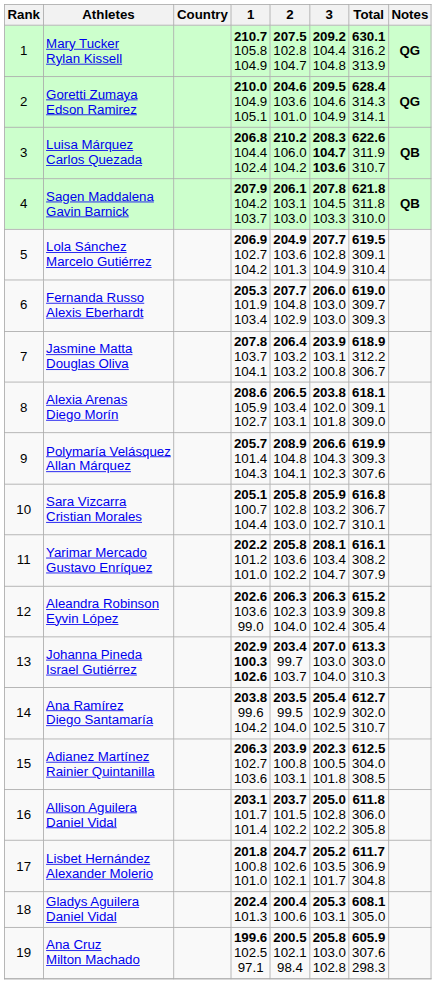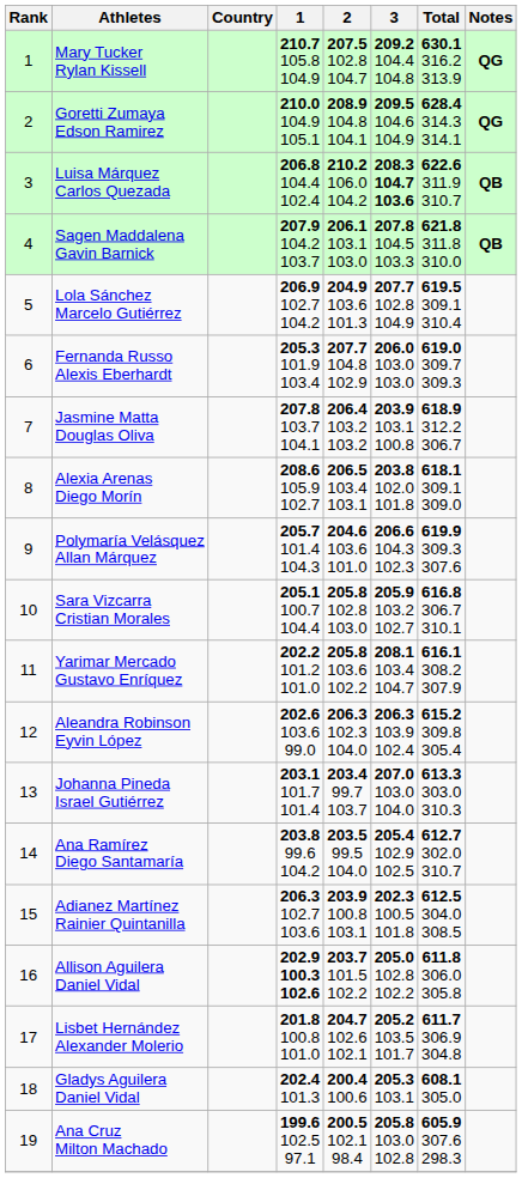 <table class="wikitable sortable" style="text-align:center">
 <tr>
 <th>Rank</th>
 <th>Athletes</th>
 <th>Country</th>
 <th>1</th>
 <th>2</th>
 <th>3</th>
 <th>Total</th>
 <th>Notes</th>
 </tr>
 <tr bgcolor=#ccffcc>
 <td>1</td>
 <td align=left><a href='#'>Mary Tucker</a><br><a href='#'>Rylan Kissell</a></td>
 <td align=left></td>
 <td><strong>210.7</strong><br>105.8<br>104.9</td>
 <td><strong>207.5</strong><br>102.8<br>104.7</td>
 <td><strong>209.2</strong><br>104.4<br>104.8</td>
 <td><strong>630.1</strong><br>316.2<br>313.9</td>
 <td><strong>QG</strong></td>
 </tr>
 <tr bgcolor=#ccffcc>
 <td>2</td>
 <td align=left><a href='#'>Goretti Zumaya</a><br><a href='#'>Edson Ramirez</a></td>
 <td align=left></td>
 <td><strong>210.0</strong><br>104.9<br>105.1</td>
-<td><strong>204.6</strong><br>103.6<br>101.0</td>
+<td><strong>208.9</strong><br>104.8<br>104.1</td>
 <td><strong>209.5</strong><br>104.6<br>104.9</td>
 <td><strong>628.4</strong><br>314.3<br>314.1</td>
 <td><strong>QG</strong></td>
 </tr>
 <tr bgcolor=#ccffcc>
 <td>3</td>
 <td align=left><a href='#'>Luisa Márquez</a><br><a href='#'>Carlos Quezada</a></td>
 <td align=left></td>
 <td><strong>206.8</strong><br>104.4<br>102.4</td>
 <td><strong>210.2</strong><br>106.0<br>104.2</td>
 <td><strong>208.3<br>104.7<br>103.6</strong></td>
 <td><strong>622.6</strong><br>311.9<br>310.7</td>
 <td><strong>QB</strong></td>
 </tr>
 <tr bgcolor=#ccffcc>
 <td>4</td>
 <td align=left><a href='#'>Sagen Maddalena</a><br><a href='#'>Gavin Barnick</a></td>
 <td align=left></td>
 <td><strong>207.9</strong><br>104.2<br>103.7</td>
 <td><strong>206.1</strong><br>103.1<br>103.0</td>
 <td><strong>207.8</strong><br>104.5<br>103.3</td>
 <td><strong>621.8</strong><br>311.8<br>310.0</td>
 <td><strong>QB</strong></td>
 </tr>
 <tr>
 <td>5</td>
 <td align=left><a href='#'>Lola Sánchez</a><br><a href='#'>Marcelo Gutiérrez</a></td>
 <td align=left></td>
 <td><strong>206.9</strong><br>102.7<br>104.2</td>
 <td><strong>204.9</strong><br>103.6<br>101.3</td>
 <td><strong>207.7</strong><br>102.8<br>104.9</td>
 <td><strong>619.5</strong><br>309.1<br>310.4</td>
 <td></td>
 </tr>
 <tr>
 <td>6</td>
 <td align=left><a href='#'>Fernanda Russo</a><br><a href='#'>Alexis Eberhardt</a></td>
 <td align=left></td>
 <td><strong>205.3</strong><br>101.9<br>103.4</td>
 <td><strong>207.7</strong><br>104.8<br>102.9</td>
 <td><strong>206.0</strong><br>103.0<br>103.0</td>
 <td><strong>619.0</strong><br>309.7<br>309.3</td>
 <td></td>
 </tr>
 <tr>
 <td>7</td>
 <td align=left><a href='#'>Jasmine Matta</a><br><a href='#'>Douglas Oliva</a></td>
 <td align=left></td>
 <td><strong>207.8</strong><br>103.7<br>104.1</td>
 <td><strong>206.4</strong><br>103.2<br>103.2</td>
 <td><strong>203.9</strong><br>103.1<br>100.8</td>
 <td><strong>618.9</strong><br>312.2<br>306.7</td>
 <td></td>
 </tr>
 <tr>
 <td>8</td>
 <td align=left><a href='#'>Alexia Arenas</a><br><a href='#'>Diego Morín</a></td>
 <td align=left></td>
 <td><strong>208.6</strong><br>105.9<br>102.7</td>
 <td><strong>206.5</strong><br>103.4<br>103.1</td>
 <td><strong>203.8</strong><br>102.0<br>101.8</td>
 <td><strong>618.1</strong><br>309.1<br>309.0</td>
 <td></td>
 </tr>
 <tr>
 <td>9</td>
 <td align=left><a href='#'>Polymaría Velásquez</a><br><a href='#'>Allan Márquez</a></td>
 <td align=left></td>
 <td><strong>205.7</strong><br>101.4<br>104.3</td>
-<td><strong>208.9</strong><br>104.8<br>104.1</td>
+<td><strong>204.6</strong><br>103.6<br>101.0</td>
 <td><strong>206.6</strong><br>104.3<br>102.3</td>
 <td><strong>619.9</strong><br>309.3<br>307.6</td>
 <td></td>
 </tr>
 <tr>
 <td>10</td>
 <td align=left><a href='#'>Sara Vizcarra</a><br><a href='#'>Cristian Morales</a></td>
 <td align=left></td>
 <td><strong>205.1</strong><br>100.7<br>104.4</td>
 <td><strong>205.8</strong><br>102.8<br>103.0</td>
 <td><strong>205.9</strong><br>103.2<br>102.7</td>
 <td><strong>616.8</strong><br>306.7<br>310.1</td>
 <td></td>
 </tr>
 <tr>
 <td>11</td>
 <td align=left><a href='#'>Yarimar Mercado</a><br><a href='#'>Gustavo Enríquez</a></td>
 <td align=left></td>
 <td><strong>202.2</strong><br>101.2<br>101.0</td>
 <td><strong>205.8</strong><br>103.6<br>102.2</td>
 <td><strong>208.1</strong><br>103.4<br>104.7</td>
 <td><strong>616.1</strong><br>308.2<br>307.9</td>
 <td></td>
 </tr>
 <tr>
 <td>12</td>
 <td align=left><a href='#'>Aleandra Robinson</a><br><a href='#'>Eyvin López</a></td>
 <td align=left></td>
 <td><strong>202.6</strong><br>103.6<br>99.0</td>
 <td><strong>206.3</strong><br>102.3<br>104.0</td>
 <td><strong>206.3</strong><br>103.9<br>102.4</td>
 <td><strong>615.2</strong><br>309.8<br>305.4</td>
 <td></td>
 </tr>
 <tr>
 <td>13</td>
 <td align=left><a href='#'>Johanna Pineda</a><br><a href='#'>Israel Gutiérrez</a></td>
 <td align=left></td>
-<td><strong>202.9<br>100.3<br>102.6</strong></td>
+<td><strong>203.1</strong><br>101.7<br>101.4</td>
 <td><strong>203.4</strong><br>99.7<br>103.7</td>
 <td><strong>207.0</strong><br>103.0<br>104.0</td>
 <td><strong>613.3</strong><br>303.0<br>310.3</td>
 <td></td>
 </tr>
 <tr>
 <td>14</td>
 <td align=left><a href='#'>Ana Ramírez</a><br><a href='#'>Diego Santamaría</a></td>
 <td align=left></td>
 <td><strong>203.8</strong><br>99.6<br>104.2</td>
 <td><strong>203.5</strong><br>99.5<br>104.0</td>
 <td><strong>205.4</strong><br>102.9<br>102.5</td>
 <td><strong>612.7</strong><br>302.0<br>310.7</td>
 <td></td>
 </tr>
 <tr>
 <td>15</td>
 <td align=left><a href='#'>Adianez Martínez</a><br><a href='#'>Rainier Quintanilla</a></td>
 <td align=left></td>
 <td><strong>206.3</strong><br>102.7<br>103.6</td>
 <td><strong>203.9</strong><br>100.8<br>103.1</td>
 <td><strong>202.3</strong><br>100.5<br>101.8</td>
 <td><strong>612.5</strong><br>304.0<br>308.5</td>
 <td></td>
 </tr>
 <tr>
 <td>16</td>
 <td align=left><a href='#'>Allison Aguilera</a><br><a href='#'>Daniel Vidal</a></td>
 <td align=left></td>
-<td><strong>203.1</strong><br>101.7<br>101.4</td>
+<td><strong>202.9<br>100.3<br>102.6</strong></td>
 <td><strong>203.7</strong><br>101.5<br>102.2</td>
 <td><strong>205.0</strong><br>102.8<br>102.2</td>
 <td><strong>611.8</strong><br>306.0<br>305.8</td>
 <td></td>
 </tr>
 <tr>
 <td>17</td>
 <td align=left><a href='#'>Lisbet Hernández</a><br><a href='#'>Alexander Molerio</a></td>
 <td align=left></td>
 <td><strong>201.8</strong><br>100.8<br>101.0</td>
 <td><strong>204.7</strong><br>102.6<br>102.1</td>
 <td><strong>205.2</strong><br>103.5<br>101.7</td>
 <td><strong>611.7</strong><br>306.9<br>304.8</td>
 <td></td>
 </tr>
 <tr>
 <td>18</td>
 <td align=left><a href='#'>Gladys Aguilera</a><br><a href='#'>Daniel Vidal</a></td>
 <td align=left></td>
 <td><strong>202.4</strong><br>101.3</td>
 <td><strong>200.4</strong><br>100.6</td>
 <td><strong>205.3</strong><br>103.1</td>
 <td><strong>608.1</strong><br>305.0</td>
 <td></td>
 </tr>
 <tr>
 <td>19</td>
 <td align=left><a href='#'>Ana Cruz</a><br><a href='#'>Milton Machado</a></td>
 <td align=left></td>
 <td><strong>199.6</strong><br>102.5<br>97.1</td>
 <td><strong>200.5</strong><br>102.1<br>98.4</td>
 <td><strong>205.8</strong><br>103.0<br>102.8</td>
 <td><strong>605.9</strong><br>307.6<br>298.3</td>
 <td></td>
 </tr>
 <tr>
 </tr>
 </table>
